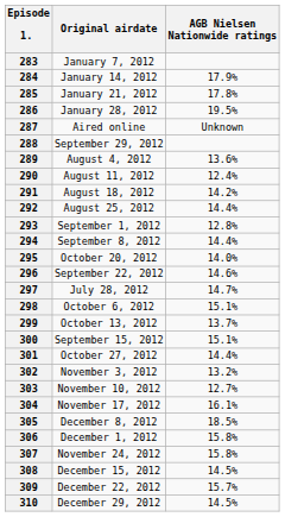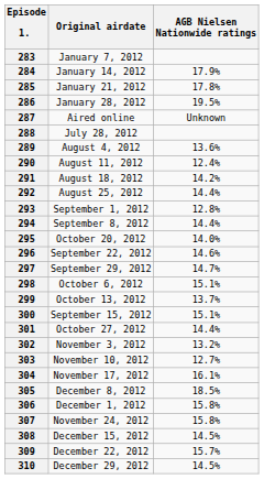 <table class=wikitable style="text-align:center">
 <tr>
 <th>Episode<br><ol><li></li></ol></th>
 <th>Original airdate</th>
 <th>AGB Nielsen<br>Nationwide ratings</th>
 </tr>
 <tr>
 <th>283</th>
 <td>January 7, 2012</td>
 <td></td>
 </tr>
 <tr>
 <th>284</th>
 <td>January 14, 2012</td>
 <td>17.9%</td>
 </tr>
 <tr>
 <th>285</th>
 <td>January 21, 2012</td>
 <td>17.8%</td>
 </tr>
 <tr>
 <th>286</th>
 <td>January 28, 2012</td>
 <td>19.5%</td>
 </tr>
 <tr>
 <th>287</th>
 <td>Aired online</td>
 <td>Unknown</td>
 </tr>
 <tr>
 <th>288</th>
-<td>September 29, 2012</td>
+<td>July 28, 2012</td>
 <td></td>
 </tr>
 <tr>
 <th>289</th>
 <td>August 4, 2012</td>
 <td>13.6%</td>
 </tr>
 <tr>
 <th>290</th>
 <td>August 11, 2012</td>
 <td>12.4%</td>
 </tr>
 <tr>
 <th>291</th>
 <td>August 18, 2012</td>
 <td>14.2%</td>
 </tr>
 <tr>
 <th>292</th>
 <td>August 25, 2012</td>
 <td>14.4%</td>
 </tr>
 <tr>
 <th>293</th>
 <td>September 1, 2012</td>
 <td>12.8%</td>
 </tr>
 <tr>
 <th>294</th>
 <td>September 8, 2012</td>
 <td>14.4%</td>
 </tr>
 <tr>
 <th>295</th>
 <td>October 20, 2012</td>
 <td>14.0%</td>
 </tr>
 <tr>
 <th>296</th>
 <td>September 22, 2012</td>
 <td>14.6%</td>
 </tr>
 <tr>
 <th>297</th>
-<td>July 28, 2012</td>
+<td>September 29, 2012</td>
 <td>14.7%</td>
 </tr>
 <tr>
 <th>298</th>
 <td>October 6, 2012</td>
 <td>15.1%</td>
 </tr>
 <tr>
 <th>299</th>
 <td>October 13, 2012</td>
 <td>13.7%</td>
 </tr>
 <tr>
 <th>300</th>
 <td>September 15, 2012</td>
 <td>15.1%</td>
 </tr>
 <tr>
 <th>301</th>
 <td>October 27, 2012</td>
 <td>14.4%</td>
 </tr>
 <tr>
 <th>302</th>
 <td>November 3, 2012</td>
 <td>13.2%</td>
 </tr>
 <tr>
 <th>303</th>
 <td>November 10, 2012</td>
 <td>12.7%</td>
 </tr>
 <tr>
 <th>304</th>
 <td>November 17, 2012</td>
 <td>16.1%</td>
 </tr>
 <tr>
 <th>305</th>
 <td>December 8, 2012</td>
 <td>18.5%</td>
 </tr>
 <tr>
 <th>306</th>
 <td>December 1, 2012</td>
 <td>15.8%</td>
 </tr>
 <tr>
 <th>307</th>
 <td>November 24, 2012</td>
 <td>15.8%</td>
 </tr>
 <tr>
 <th>308</th>
 <td>December 15, 2012</td>
 <td>14.5%</td>
 </tr>
 <tr>
 <th>309</th>
 <td>December 22, 2012</td>
 <td>15.7%</td>
 </tr>
 <tr>
 <th>310</th>
 <td>December 29, 2012</td>
 <td>14.5%</td>
 </tr>
 </table>
